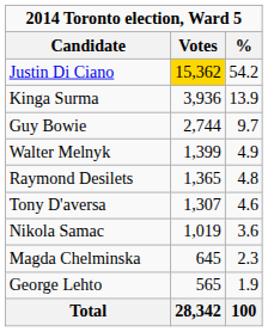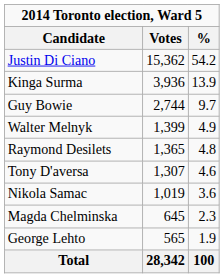 <table class="wikitable">
 <tr>
 <td Colspan="3" align="center"><strong>2014 Toronto election, Ward 5</strong></td>
 </tr>
 <tr>
 <th bgcolor="#DDDDFF" width="150px">Candidate</th>
 <th bgcolor="#DDDDFF">Votes</th>
 <th bgcolor="#DDDDFF">%</th>
 </tr>
 <tr>
 <td><a href='#'>Justin Di Ciano</a></td>
-<td align=right style="background: gold;">15,362</td>
+<td align=right>15,362</td>
 <td align=right>54.2</td>
 </tr>
 <tr>
 <td>Kinga Surma</td>
 <td align=right>3,936</td>
 <td align=right>13.9</td>
 </tr>
 <tr>
 <td>Guy Bowie</td>
 <td align=right>2,744</td>
 <td align=right>9.7</td>
 </tr>
 <tr>
 <td>Walter Melnyk</td>
 <td align=right>1,399</td>
 <td align=right>4.9</td>
 </tr>
 <tr>
 <td>Raymond Desilets</td>
 <td align=right>1,365</td>
 <td align=right>4.8</td>
 </tr>
 <tr>
 <td>Tony D'aversa</td>
 <td align=right>1,307</td>
 <td align=right>4.6</td>
 </tr>
 <tr>
 <td>Nikola Samac</td>
 <td align=right>1,019</td>
 <td align=right>3.6</td>
 </tr>
 <tr>
 <td>Magda Chelminska</td>
 <td align=right>645</td>
 <td align=right>2.3</td>
 </tr>
 <tr>
 <td>George Lehto</td>
 <td align=right>565</td>
 <td align=right>1.9</td>
 </tr>
 <tr>
 <th>Total</th>
 <th align=right>28,342</th>
 <th align=right>100</th>
 </tr>
 </table>
